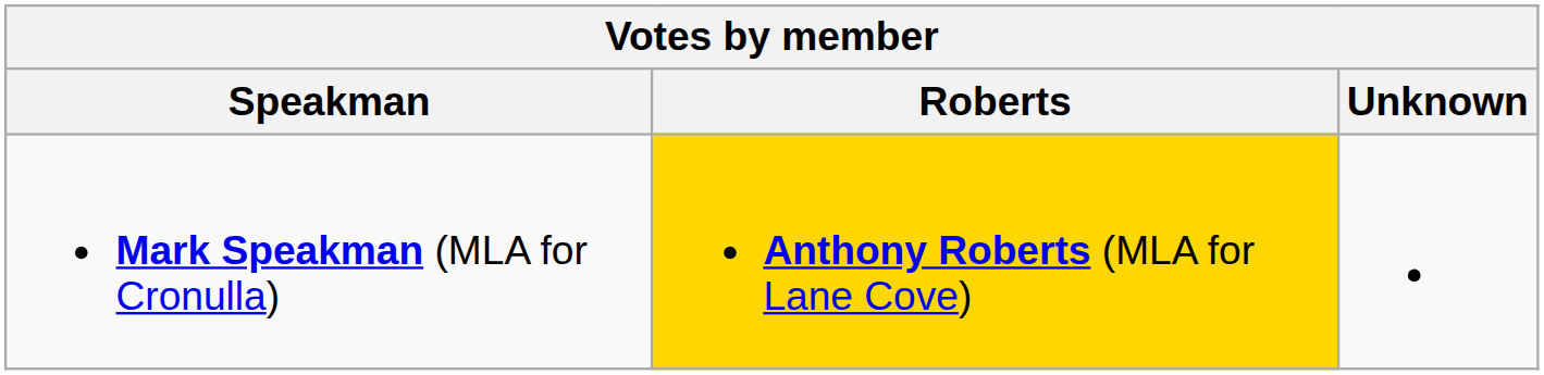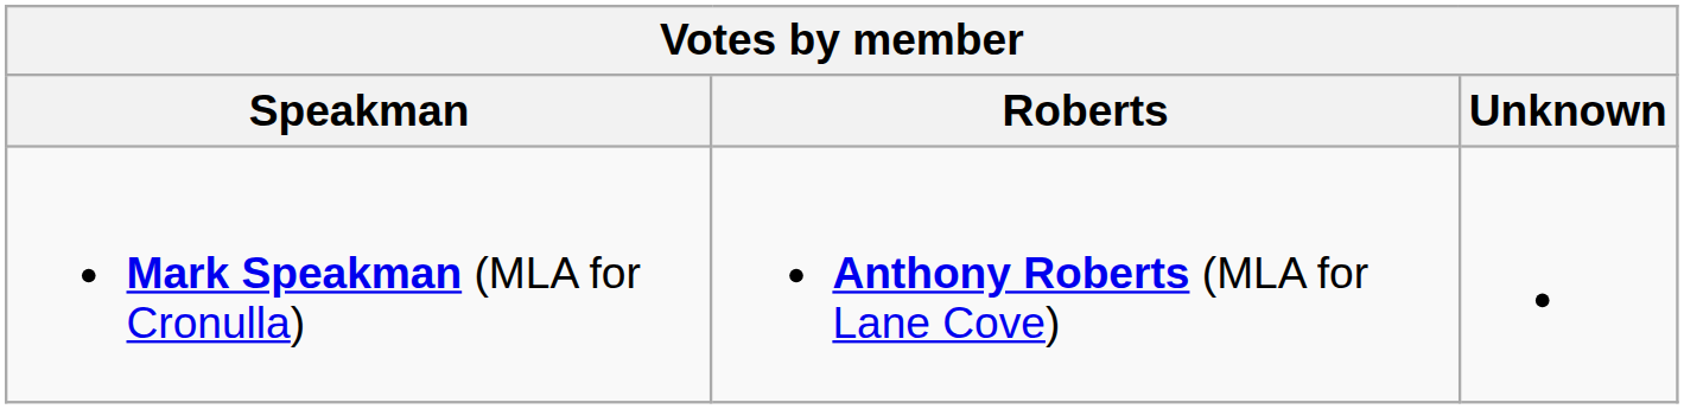 <table class="wikitable">
 <tr>
 <th colspan="3">Votes by member</th>
 </tr>
 <tr>
 <th>Speakman</th>
 <th>Roberts</th>
 <th>Unknown</th>
 </tr>
 <tr>
 <td><br><ul><li><strong><a href='#'>Mark Speakman</a></strong> (MLA for <a href='#'>Cronulla</a>)</li></ul></td>
-<td style="background: gold;"><br><ul><li><strong><a href='#'>Anthony Roberts</a></strong> (MLA for <a href='#'>Lane Cove</a>)</li></ul></td>
+<td><br><ul><li><strong><a href='#'>Anthony Roberts</a></strong> (MLA for <a href='#'>Lane Cove</a>)</li></ul></td>
 <td><br><ul><li></li></ul></td>
 </tr>
 </table>
